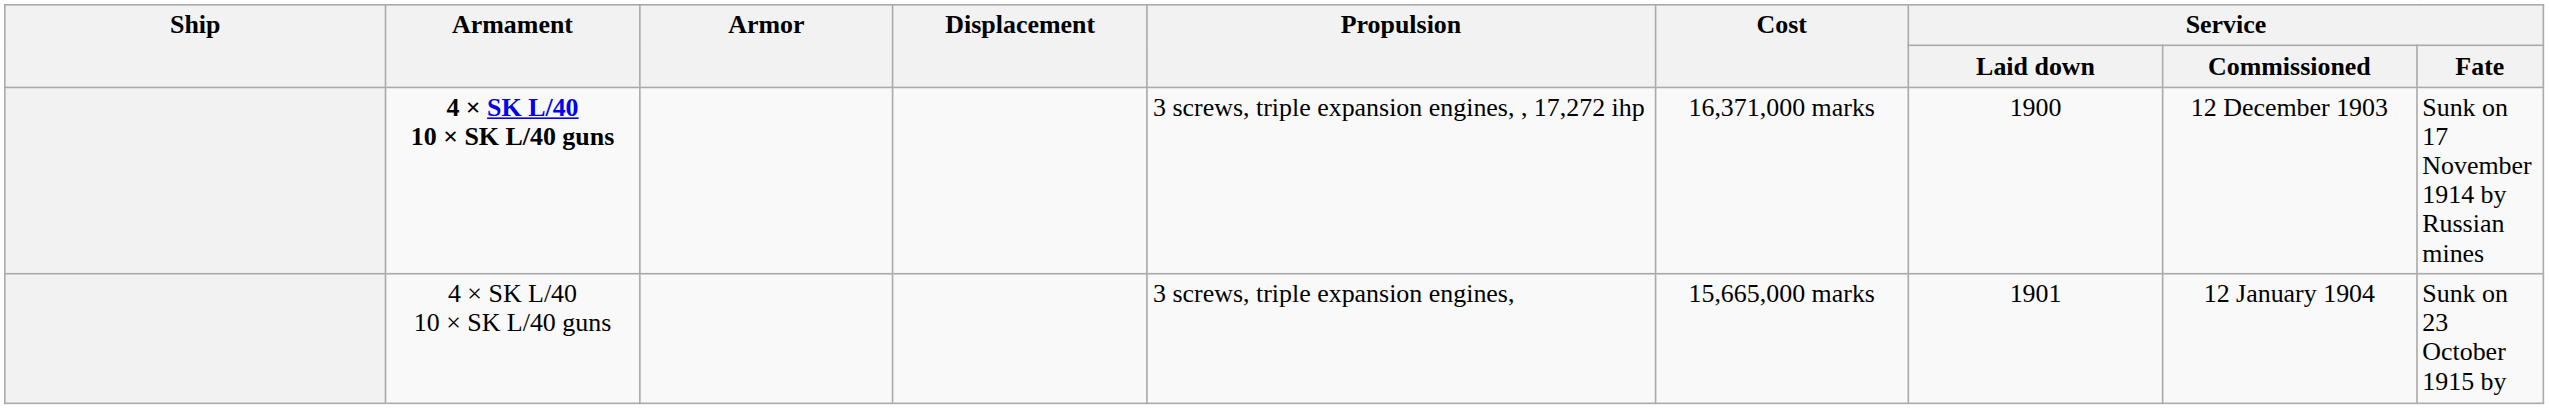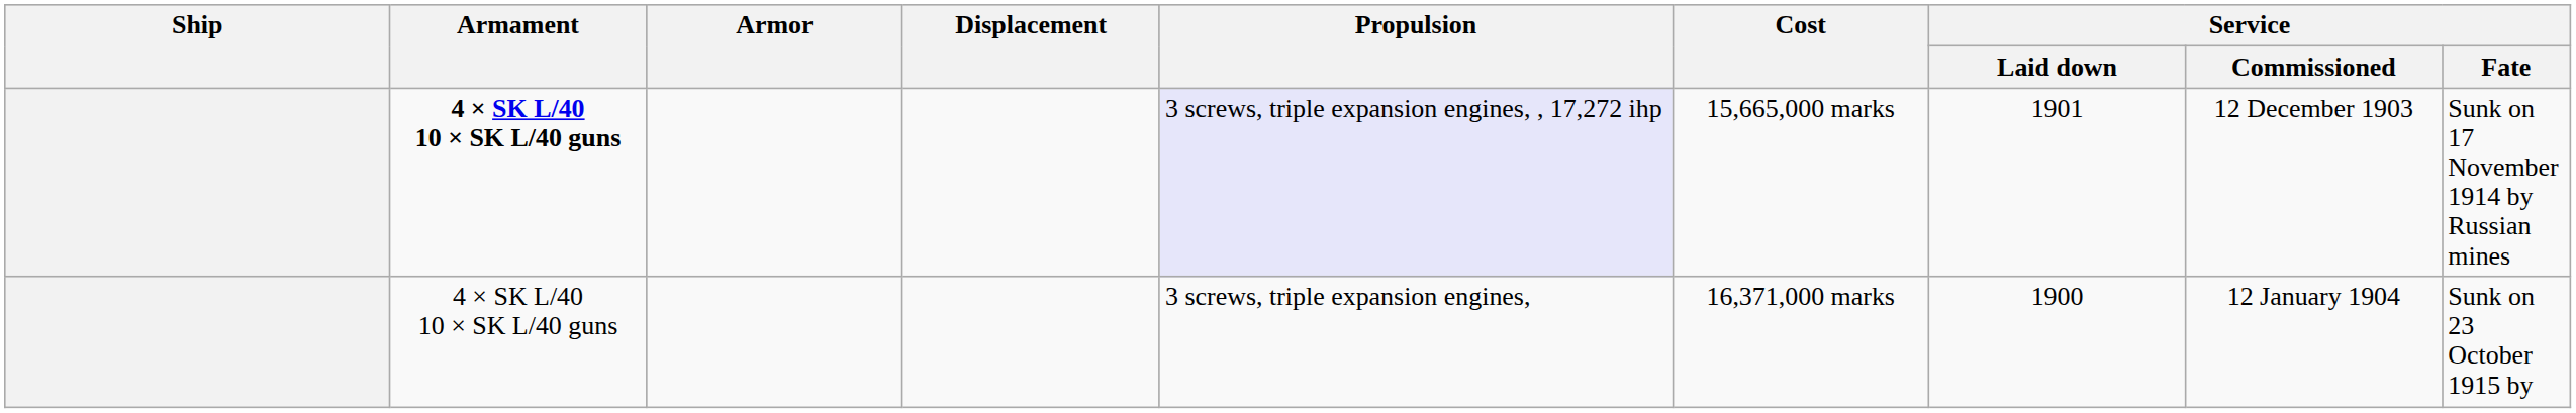 <table class="wikitable plainrowheaders" style="text-align: center;">
 <tr valign="top">
 <th scope="col" width="15%" rowspan="2">Ship</th>
 <th scope="col" width="10%" rowspan="2">Armament</th>
 <th scope="col" width="10%" rowspan="2">Armor</th>
 <th scope="col" width="10%" rowspan="2">Displacement</th>
 <th scope="col" width="20%" rowspan="2">Propulsion</th>
 <th scope="col" width="10%" rowspan="2">Cost</th>
 <th scope="col" width="40%" colspan="3">Service</th>
 </tr>
 <tr valign="top">
 <th scope="col" width="10%">Laid down</th>
 <th scope="col" width="10%">Commissioned</th>
 <th scope="col" width="20%">Fate</th>
 </tr>
 <tr valign="top">
 <th scope="row"></th>
 <td><strong>4 × <a href='#'> SK L/40</a> <br> 10 ×  SK L/40 guns</strong></td>
 <td></td>
 <td></td>
-<td style="text-align: left;">3 screws, triple expansion engines, , 17,272 ihp</td>
-<td>16,371,000 marks</td>
-<td>1900</td>
+<td style="background: lavender; text-align: left;">3 screws, triple expansion engines, , 17,272 ihp</td>
+<td>15,665,000 marks</td>
+<td>1901</td>
 <td>12 December 1903</td>
 <td style="text-align: left;">Sunk on 17 November 1914 by Russian mines</td>
 </tr>
 <tr valign="top">
 <th scope="row"></th>
 <td>4 ×  SK L/40 <br> 10 ×  SK L/40 guns</td>
 <td></td>
 <td></td>
 <td style="text-align: left;">3 screws, triple expansion engines, </td>
-<td>15,665,000 marks</td>
-<td>1901</td>
+<td>16,371,000 marks</td>
+<td>1900</td>
 <td>12 January 1904</td>
 <td style="text-align: left;">Sunk on 23 October 1915 by </td>
 </tr>
 </table>
